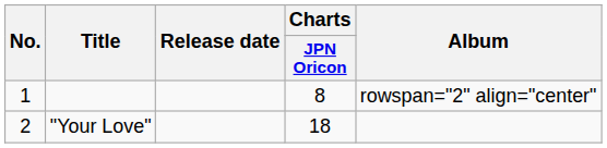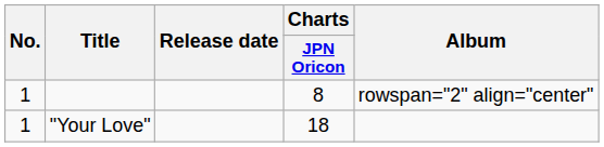 <table class="wikitable">
 <tr>
 <th rowspan="2">No.</th>
 <th rowspan="2">Title</th>
 <th rowspan="2">Release date</th>
 <th>Charts</th>
 <th rowspan="2">Album</th>
 </tr>
 <tr>
 <th style="width:3em;font-size:85%;"><a href='#'>JPN<br>Oricon</a><br></th>
 </tr>
 <tr>
 <td align="center">1</td>
 <td></td>
 <td></td>
 <td align="center">8</td>
 <td>rowspan="2" align="center" </td>
 </tr>
 <tr>
-<td align="center">2</td>
+<td align="center">1</td>
 <td>"Your Love"</td>
 <td></td>
 <td align="center">18</td>
 </tr>
 </table>
